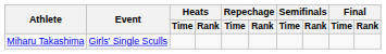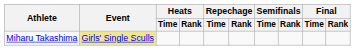 <table class="wikitable" style="font-size:90%">
 <tr>
 <th rowspan="2">Athlete</th>
 <th rowspan="2">Event</th>
 <th colspan="2">Heats</th>
 <th colspan="2">Repechage</th>
 <th colspan="2">Semifinals</th>
 <th colspan="2">Final</th>
 </tr>
 <tr style="font-size:95%">
 <th>Time</th>
 <th>Rank</th>
 <th>Time</th>
 <th>Rank</th>
 <th>Time</th>
 <th>Rank</th>
 <th>Time</th>
 <th>Rank</th>
 </tr>
 <tr align=center>
 <td align=left><a href='#'>Miharu Takashima</a></td>
-<td align=left><a href='#'>Girls' Single Sculls</a></td>
+<td align=left style="background: khaki;"><a href='#'>Girls' Single Sculls</a></td>
 <td></td>
 <td></td>
 <td></td>
 <td></td>
 <td></td>
 <td></td>
 <td></td>
 <td></td>
 </tr>
 </table>
